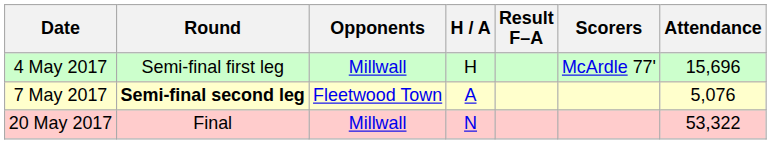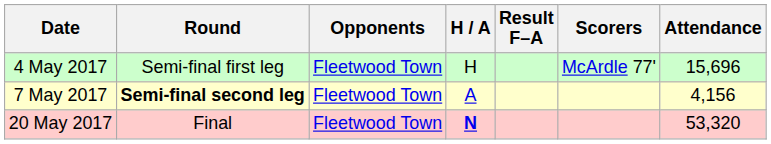 <table class="wikitable" style="text-align:center">
 <tr>
 <th>Date</th>
 <th>Round</th>
 <th>Opponents</th>
 <th>H / A</th>
 <th>Result<br>F–A</th>
 <th>Scorers</th>
 <th>Attendance</th>
 </tr>
 <tr bgcolor="#ccffcc">
 <td>4 May 2017</td>
 <td>Semi-final first leg</td>
-<td><a href='#'>Millwall</a></td>
+<td><a href='#'>Fleetwood Town</a></td>
 <td>H</td>
 <td></td>
 <td><a href='#'>McArdle</a> 77'</td>
 <td>15,696</td>
 </tr>
 <tr bgcolor="#ffffcc">
 <td>7 May 2017</td>
 <td><strong>Semi-final second leg</strong></td>
 <td><a href='#'>Fleetwood Town</a></td>
 <td><a href='#'>A</a></td>
 <td><br></td>
 <td></td>
-<td>5,076</td>
+<td>4,156</td>
 </tr>
 <tr bgcolor="#ffcccc">
 <td>20 May 2017</td>
 <td>Final</td>
-<td><a href='#'>Millwall</a></td>
-<td><a href='#'>N</a></td>
+<td><a href='#'>Fleetwood Town</a></td>
+<td><strong><a href='#'>N</a></strong></td>
 <td></td>
 <td></td>
-<td>53,322</td>
+<td>53,320</td>
 </tr>
 </table>
